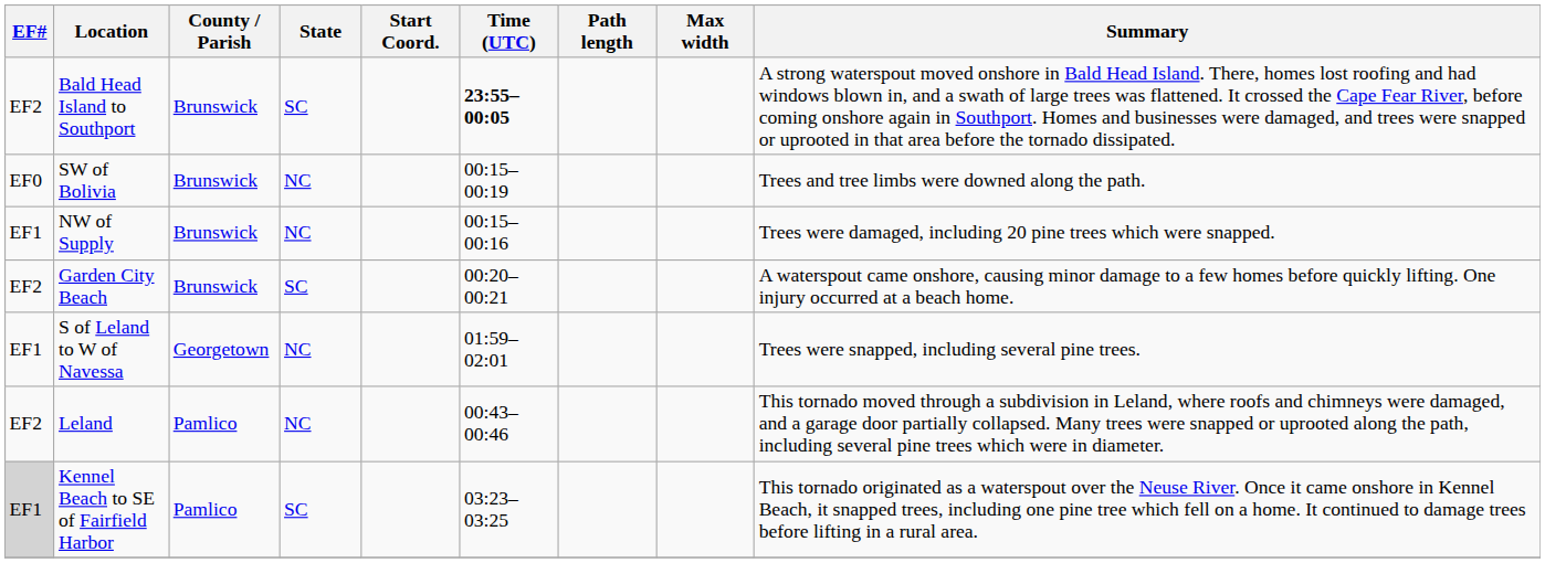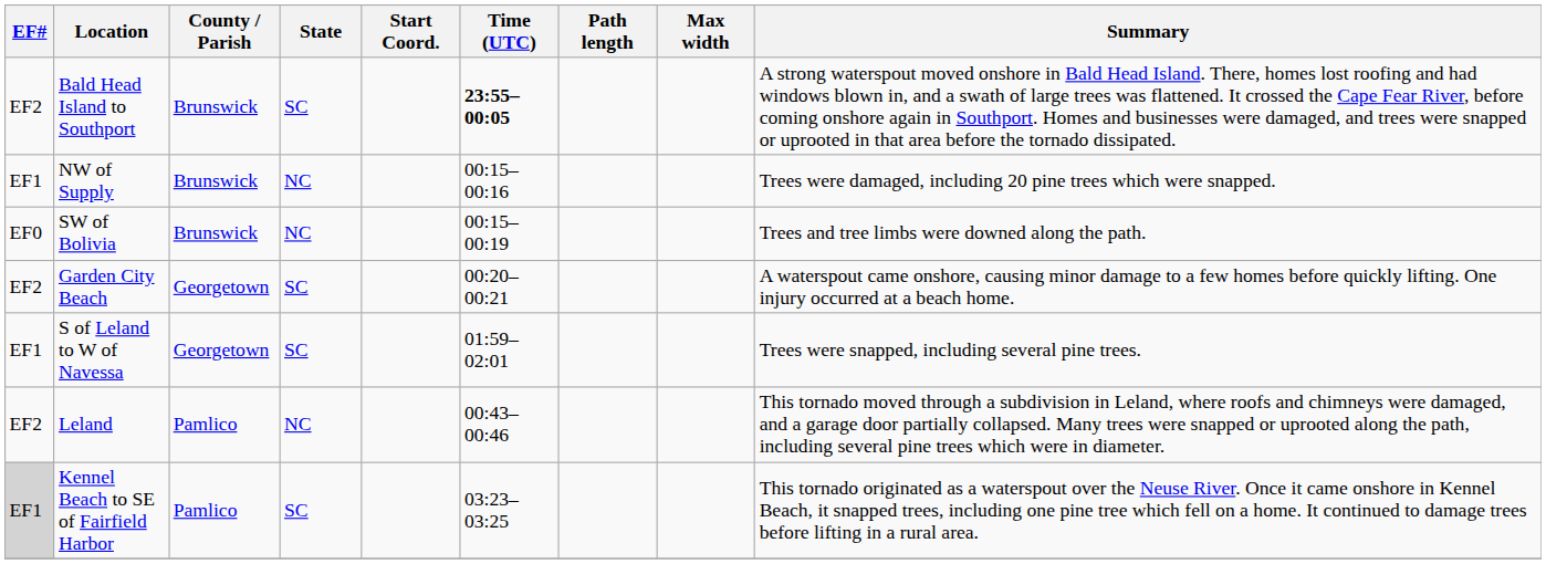 <table class="wikitable sortable" style="width:100%;">
 <tr>
 <th scope="col"  style="width:3%; text-align:center;"><a href='#'>EF#</a></th>
 <th scope="col"  style="width:7%; text-align:center;" class="unsortable">Location</th>
 <th scope="col"  style="width:6%; text-align:center;" class="unsortable">County / Parish</th>
 <th scope="col"  style="width:5%; text-align:center;">State</th>
 <th scope="col"  style="width:6%; text-align:center;">Start Coord.</th>
 <th scope="col"  style="width:6%; text-align:center;">Time (<a href='#'>UTC</a>)</th>
 <th scope="col"  style="width:6%; text-align:center;">Path length</th>
 <th scope="col"  style="width:6%; text-align:center;">Max width</th>
 <th scope="col" class="unsortable" style="width:48%; text-align:center;">Summary</th>
 </tr>
 <tr>
 <td>EF2</td>
 <td><a href='#'>Bald Head Island</a> to <a href='#'>Southport</a></td>
 <td><a href='#'>Brunswick</a></td>
 <td><a href='#'>SC</a></td>
 <td></td>
 <td><strong>23:55–00:05</strong></td>
 <td></td>
 <td></td>
 <td>A strong waterspout moved onshore in <a href='#'>Bald Head Island</a>. There, homes lost roofing and had windows blown in, and a swath of large trees was flattened. It crossed the <a href='#'>Cape Fear River</a>, before coming onshore again in <a href='#'>Southport</a>. Homes and businesses were damaged, and trees were snapped or uprooted in that area before the tornado dissipated.</td>
 </tr>
 <tr>
+<td>EF1</td>
+<td>NW of <a href='#'>Supply</a></td>
+<td><a href='#'>Brunswick</a></td>
+<td><a href='#'>NC</a></td>
+<td></td>
+<td>00:15–00:16</td>
+<td></td>
+<td></td>
+<td>Trees were damaged, including 20 pine trees which were snapped.</td>
+</tr>
+<tr>
 <td>EF0</td>
 <td>SW of <a href='#'>Bolivia</a></td>
 <td><a href='#'>Brunswick</a></td>
 <td><a href='#'>NC</a></td>
 <td></td>
 <td>00:15–00:19</td>
 <td></td>
 <td></td>
 <td>Trees and tree limbs were downed along the path.</td>
 </tr>
 <tr>
-<td>EF1</td>
-<td>NW of <a href='#'>Supply</a></td>
-<td><a href='#'>Brunswick</a></td>
-<td><a href='#'>NC</a></td>
-<td></td>
-<td>00:15–00:16</td>
-<td></td>
-<td></td>
-<td>Trees were damaged, including 20 pine trees which were snapped.</td>
-</tr>
-<tr>
 <td>EF2</td>
 <td><a href='#'>Garden City Beach</a></td>
-<td><a href='#'>Brunswick</a></td>
+<td><a href='#'>Georgetown</a></td>
 <td><a href='#'>SC</a></td>
 <td></td>
 <td>00:20–00:21</td>
 <td></td>
 <td></td>
 <td>A waterspout came onshore, causing minor damage to a few homes before quickly lifting. One injury occurred at a beach home.</td>
 </tr>
 <tr>
 <td>EF1</td>
 <td>S of <a href='#'>Leland</a> to W of <a href='#'>Navessa</a></td>
 <td><a href='#'>Georgetown</a></td>
-<td><a href='#'>NC</a></td>
+<td><a href='#'>SC</a></td>
 <td></td>
 <td>01:59–02:01</td>
 <td></td>
 <td></td>
 <td>Trees were snapped, including several pine trees.</td>
 </tr>
 <tr>
 <td>EF2</td>
 <td><a href='#'>Leland</a></td>
 <td><a href='#'>Pamlico</a></td>
 <td><a href='#'>NC</a></td>
 <td></td>
 <td>00:43–00:46</td>
 <td></td>
 <td></td>
 <td>This tornado moved through a subdivision in Leland, where roofs and chimneys were damaged, and a garage door partially collapsed. Many trees were snapped or uprooted along the path, including several pine trees which were  in diameter.</td>
 </tr>
 <tr>
 <td style="background: lightgrey;">EF1</td>
 <td><a href='#'>Kennel Beach</a> to SE of <a href='#'>Fairfield Harbor</a></td>
 <td><a href='#'>Pamlico</a></td>
 <td><a href='#'>SC</a></td>
 <td></td>
 <td>03:23–03:25</td>
 <td></td>
 <td></td>
 <td>This tornado originated as a waterspout over the <a href='#'>Neuse River</a>. Once it came onshore in Kennel Beach, it snapped trees, including one pine tree which fell on a home. It continued to damage trees before lifting in a rural area.</td>
 </tr>
 <tr>
 </tr>
 </table>
